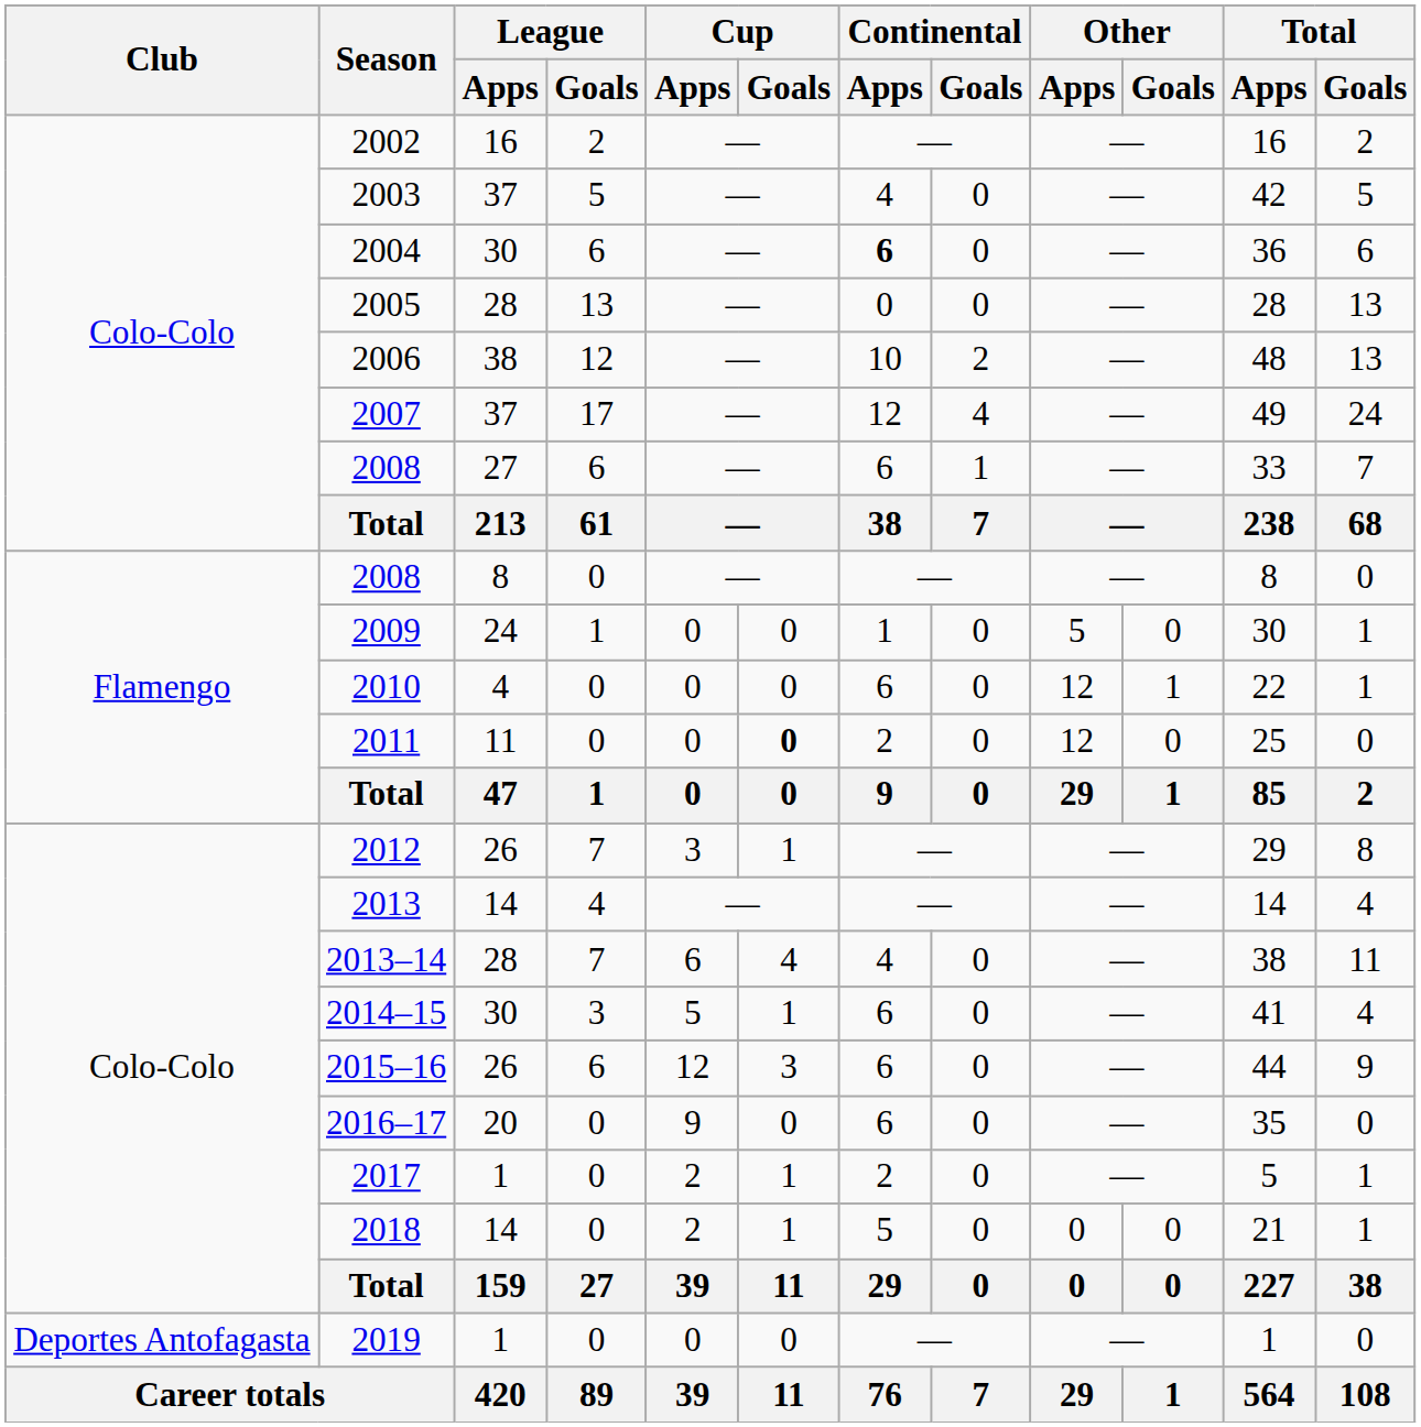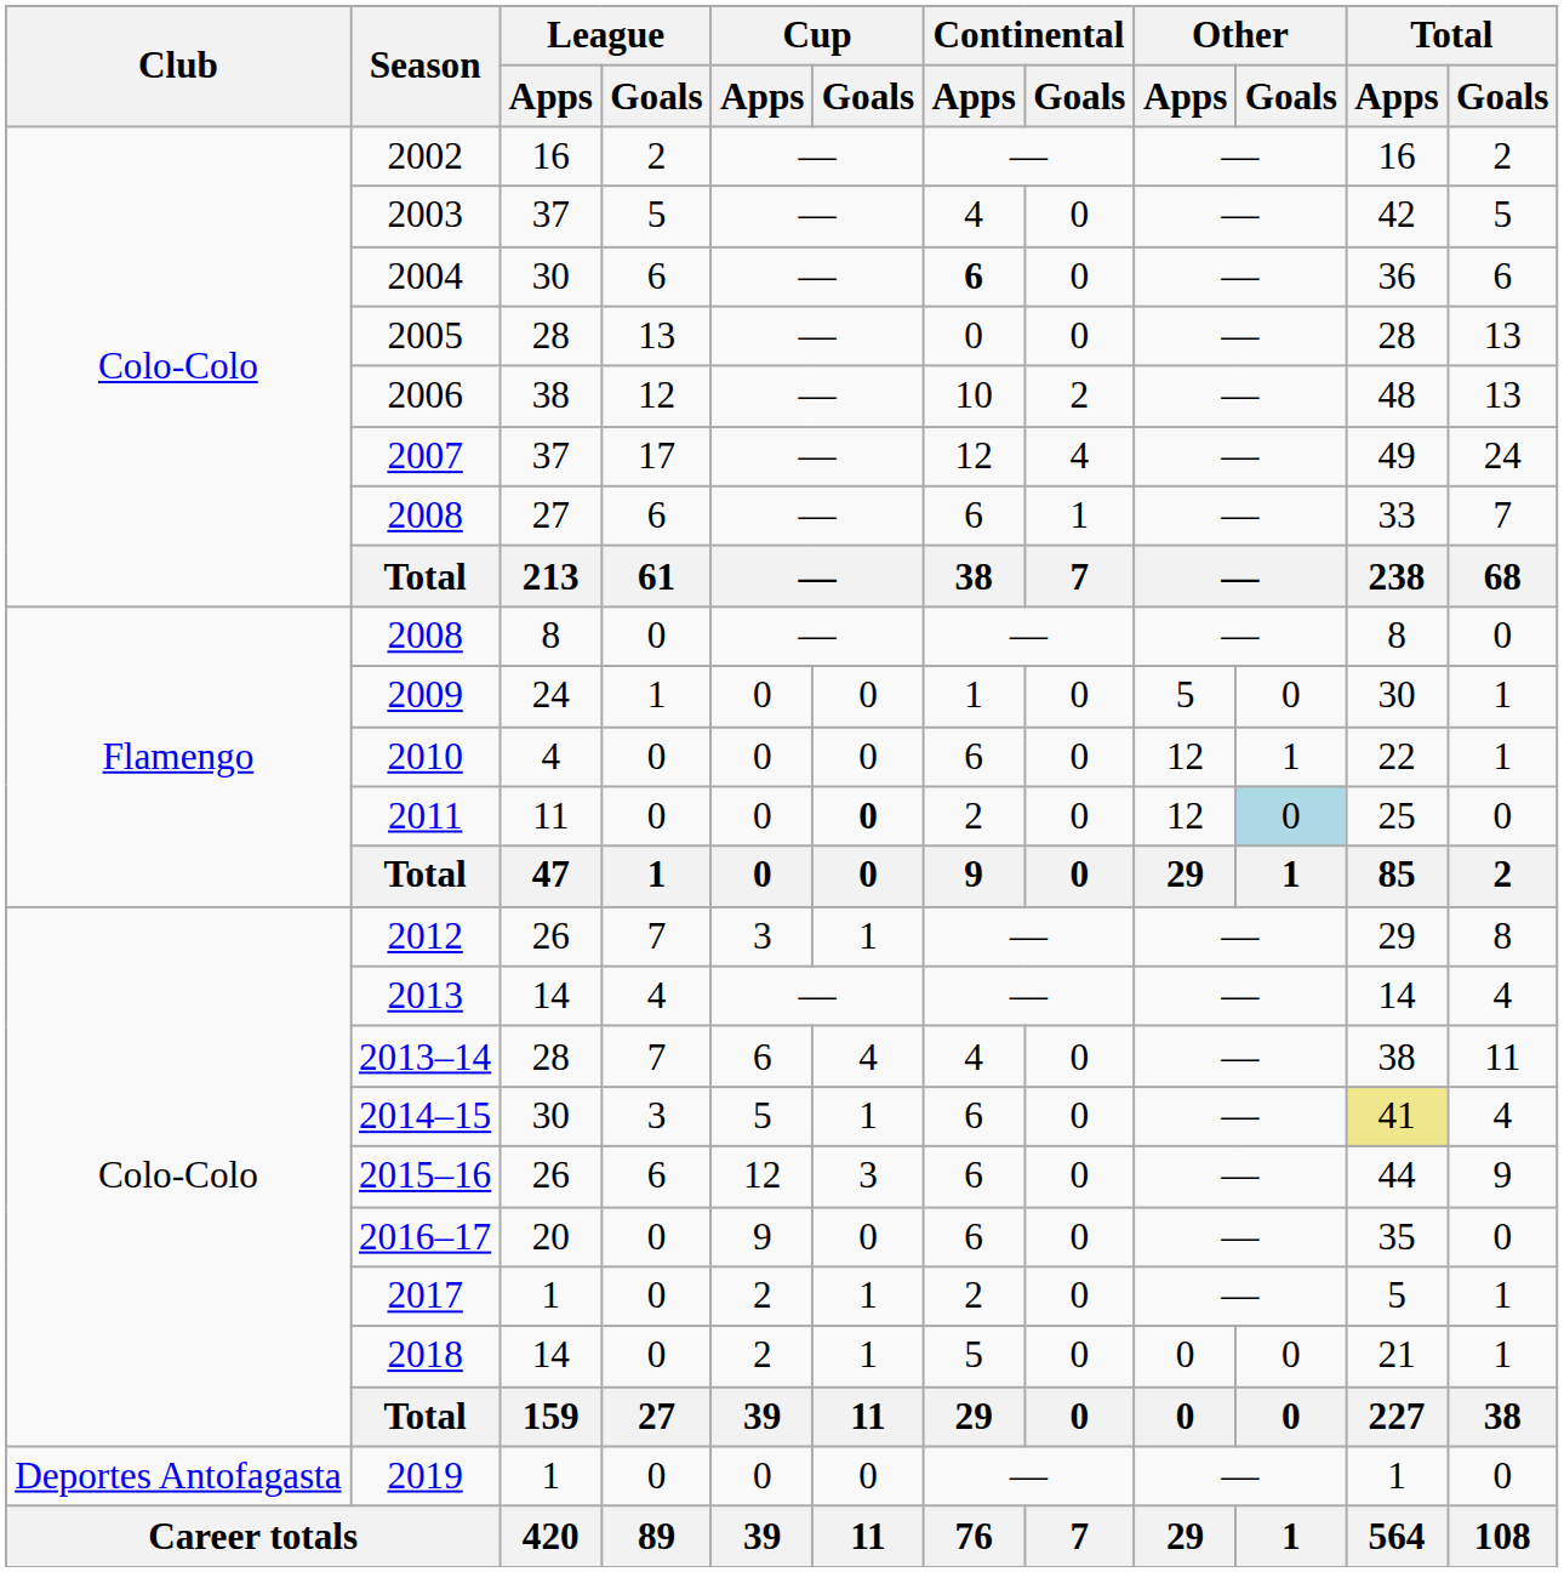 <table class="wikitable" style="text-align: center;">
 <tr>
 <th rowspan="2">Club</th>
 <th rowspan="2">Season</th>
 <th colspan="2">League</th>
 <th colspan="2">Cup</th>
 <th colspan="2">Continental</th>
 <th colspan="2">Other</th>
 <th colspan="2">Total</th>
 </tr>
 <tr>
 <th>Apps</th>
 <th>Goals</th>
 <th>Apps</th>
 <th>Goals</th>
 <th>Apps</th>
 <th>Goals</th>
 <th>Apps</th>
 <th>Goals</th>
 <th>Apps</th>
 <th>Goals</th>
 </tr>
 <tr>
 <td rowspan="8"><a href='#'>Colo-Colo</a></td>
 <td>2002</td>
 <td>16</td>
 <td>2</td>
 <td colspan="2">—</td>
 <td colspan="2">—</td>
 <td colspan="2">—</td>
 <td>16</td>
 <td>2</td>
 </tr>
 <tr>
 <td>2003</td>
 <td>37</td>
 <td>5</td>
 <td colspan="2">—</td>
 <td>4</td>
 <td>0</td>
 <td colspan="2">—</td>
 <td>42</td>
 <td>5</td>
 </tr>
 <tr>
 <td>2004</td>
 <td>30</td>
 <td>6</td>
 <td colspan="2">—</td>
 <td><strong>6</strong></td>
 <td>0</td>
 <td colspan="2">—</td>
 <td>36</td>
 <td>6</td>
 </tr>
 <tr>
 <td>2005</td>
 <td>28</td>
 <td>13</td>
 <td colspan="2">—</td>
 <td>0</td>
 <td>0</td>
 <td colspan="2">—</td>
 <td>28</td>
 <td>13</td>
 </tr>
 <tr>
 <td>2006</td>
 <td>38</td>
 <td>12</td>
 <td colspan="2">—</td>
 <td>10</td>
 <td>2</td>
 <td colspan="2">—</td>
 <td>48</td>
 <td>13</td>
 </tr>
 <tr>
 <td><a href='#'>2007</a></td>
 <td>37</td>
 <td>17</td>
 <td colspan="2">—</td>
 <td>12</td>
 <td>4</td>
 <td colspan="2">—</td>
 <td>49</td>
 <td>24</td>
 </tr>
 <tr>
 <td><a href='#'>2008</a></td>
 <td>27</td>
 <td>6</td>
 <td colspan="2">—</td>
 <td>6</td>
 <td>1</td>
 <td colspan="2">—</td>
 <td>33</td>
 <td>7</td>
 </tr>
 <tr>
 <th>Total</th>
 <th>213</th>
 <th>61</th>
 <th colspan="2">—</th>
 <th>38</th>
 <th>7</th>
 <th colspan="2">—</th>
 <th>238</th>
 <th>68</th>
 </tr>
 <tr>
 <td rowspan="5"><a href='#'>Flamengo</a></td>
 <td><a href='#'>2008</a></td>
 <td>8</td>
 <td>0</td>
 <td colspan="2">—</td>
 <td colspan="2">—</td>
 <td colspan="2">—</td>
 <td>8</td>
 <td>0</td>
 </tr>
 <tr>
 <td><a href='#'>2009</a></td>
 <td>24</td>
 <td>1</td>
 <td>0</td>
 <td>0</td>
 <td>1</td>
 <td>0</td>
 <td>5</td>
 <td>0</td>
 <td>30</td>
 <td>1</td>
 </tr>
 <tr>
 <td><a href='#'>2010</a></td>
 <td>4</td>
 <td>0</td>
 <td>0</td>
 <td>0</td>
 <td>6</td>
 <td>0</td>
 <td>12</td>
 <td>1</td>
 <td>22</td>
 <td>1</td>
 </tr>
 <tr>
 <td><a href='#'>2011</a></td>
 <td>11</td>
 <td>0</td>
 <td>0</td>
 <td><strong>0</strong></td>
 <td>2</td>
 <td>0</td>
 <td>12</td>
-<td>0</td>
+<td style="background: lightblue;">0</td>
 <td>25</td>
 <td>0</td>
 </tr>
 <tr>
 <th>Total</th>
 <th>47</th>
 <th>1</th>
 <th>0</th>
 <th>0</th>
 <th>9</th>
 <th>0</th>
 <th>29</th>
 <th>1</th>
 <th>85</th>
 <th>2</th>
 </tr>
 <tr>
 <td rowspan="9">Colo-Colo</td>
 <td><a href='#'>2012</a></td>
 <td>26</td>
 <td>7</td>
 <td>3</td>
 <td>1</td>
 <td colspan="2">—</td>
 <td colspan="2">—</td>
 <td>29</td>
 <td>8</td>
 </tr>
 <tr>
 <td><a href='#'>2013</a></td>
 <td>14</td>
 <td>4</td>
 <td colspan="2">—</td>
 <td colspan="2">—</td>
 <td colspan="2">—</td>
 <td>14</td>
 <td>4</td>
 </tr>
 <tr>
 <td><a href='#'>2013–14</a></td>
 <td>28</td>
 <td>7</td>
 <td>6</td>
 <td>4</td>
 <td>4</td>
 <td>0</td>
 <td colspan="2">—</td>
 <td>38</td>
 <td>11</td>
 </tr>
 <tr>
 <td><a href='#'>2014–15</a></td>
 <td>30</td>
 <td>3</td>
 <td>5</td>
 <td>1</td>
 <td>6</td>
 <td>0</td>
 <td colspan="2">—</td>
-<td>41</td>
+<td style="background: khaki;">41</td>
 <td>4</td>
 </tr>
 <tr>
 <td><a href='#'>2015–16</a></td>
 <td>26</td>
 <td>6</td>
 <td>12</td>
 <td>3</td>
 <td>6</td>
 <td>0</td>
 <td colspan="2">—</td>
 <td>44</td>
 <td>9</td>
 </tr>
 <tr>
 <td><a href='#'>2016–17</a></td>
 <td>20</td>
 <td>0</td>
 <td>9</td>
 <td>0</td>
 <td>6</td>
 <td>0</td>
 <td colspan="2">—</td>
 <td>35</td>
 <td>0</td>
 </tr>
 <tr>
 <td><a href='#'>2017</a></td>
 <td>1</td>
 <td>0</td>
 <td>2</td>
 <td>1</td>
 <td>2</td>
 <td>0</td>
 <td colspan="2">—</td>
 <td>5</td>
 <td>1</td>
 </tr>
 <tr>
 <td><a href='#'>2018</a></td>
 <td>14</td>
 <td>0</td>
 <td>2</td>
 <td>1</td>
 <td>5</td>
 <td>0</td>
 <td>0</td>
 <td>0</td>
 <td>21</td>
 <td>1</td>
 </tr>
 <tr>
 <th>Total</th>
 <th>159</th>
 <th>27</th>
 <th>39</th>
 <th>11</th>
 <th>29</th>
 <th>0</th>
 <th>0</th>
 <th>0</th>
 <th>227</th>
 <th>38</th>
 </tr>
 <tr>
 <td><a href='#'>Deportes Antofagasta</a></td>
 <td><a href='#'>2019</a></td>
 <td>1</td>
 <td>0</td>
 <td>0</td>
 <td>0</td>
 <td colspan="2">—</td>
 <td colspan="2">—</td>
 <td>1</td>
 <td>0</td>
 </tr>
 <tr>
 <th colspan="2">Career totals</th>
 <th>420</th>
 <th>89</th>
 <th>39</th>
 <th>11</th>
 <th>76</th>
 <th>7</th>
 <th>29</th>
 <th>1</th>
 <th>564</th>
 <th>108</th>
 </tr>
 </table>
